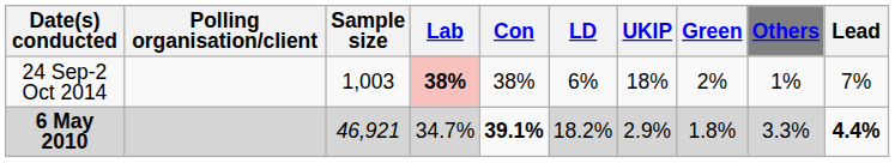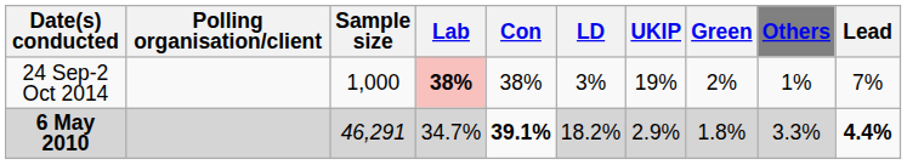 <table class="wikitable sortable" style="text-align:center;font-size:90%;line-height:14px">
 <tr>
 <th ! style="width:105px;">Date(s)<br>conducted</th>
 <th style="width:200px;">Polling organisation/client</th>
 <th class="unsortable" style="width:60px;">Sample size</th>
 <th class="unsortable" style="background:"><a href='#'><span>Lab</span></a></th>
 <th class="unsortable" style="background:"><a href='#'><span>Con</span></a></th>
 <th class="unsortable" style="background:"><a href='#'><span>LD</span></a></th>
 <th class="unsortable" style="background:"><a href='#'><span>UKIP</span></a></th>
 <th class="unsortable" style="background:"><a href='#'><span>Green</span></a></th>
 <th class="unsortable" style="background:gray; width:50px;"><a href='#'><span>Others</span></a></th>
 <th class="unsortable" style="width:85px;">Lead</th>
 </tr>
 <tr>
 <td>24 Sep-2 Oct 2014</td>
 <td></td>
-<td>1,003</td>
+<td>1,000</td>
 <td style="background:#F8C1BE"><strong>38%</strong></td>
 <td>38%</td>
-<td>6%</td>
-<td>18%</td>
+<td>3%</td>
+<td>19%</td>
 <td>2%</td>
 <td>1%</td>
 <td style="background:">7%</td>
 </tr>
 <tr>
 <td style="background:#D5D5D5"><strong>6 May 2010</strong></td>
 <td style="background:#D5D5D5"></td>
-<td style="background:#D5D5D5"><em>46,921</em></td>
+<td style="background:#D5D5D5"><em>46,291</em></td>
 <td style="background:#D5D5D5">34.7%</td>
 <td style="background:"><strong>39.1%</strong></td>
 <td style="background:#D5D5D5">18.2%</td>
 <td style="background:#D5D5D5">2.9%</td>
 <td style="background:#D5D5D5">1.8%</td>
 <td style="background:#D5D5D5">3.3%</td>
 <td style="background:"><strong>4.4% </strong></td>
 </tr>
 </table>
